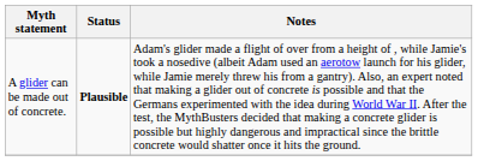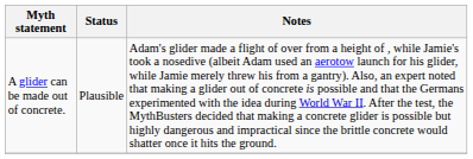 <table class="wikitable plainrowheaders">
 <tr>
 <th>Myth statement</th>
 <th>Status</th>
 <th>Notes</th>
 </tr>
 <tr>
 <td>A <a href='#'>glider</a> can be made out of concrete.</td>
-<td><strong><span> Plausible </span></strong></td>
+<td><span> Plausible </span></td>
 <td>Adam's glider made a flight of over  from a height of , while Jamie's took a nosedive (albeit Adam used an <a href='#'>aerotow</a> launch for his glider, while Jamie merely threw his from a gantry). Also, an expert noted that making a glider out of concrete <em>is</em> possible and that the Germans experimented with the idea during <a href='#'>World War II</a>. After the test, the MythBusters decided that making a concrete glider is possible but highly dangerous and impractical since the brittle concrete would shatter once it hits the ground.</td>
 </tr>
 <tr>
 </tr>
 </table>
